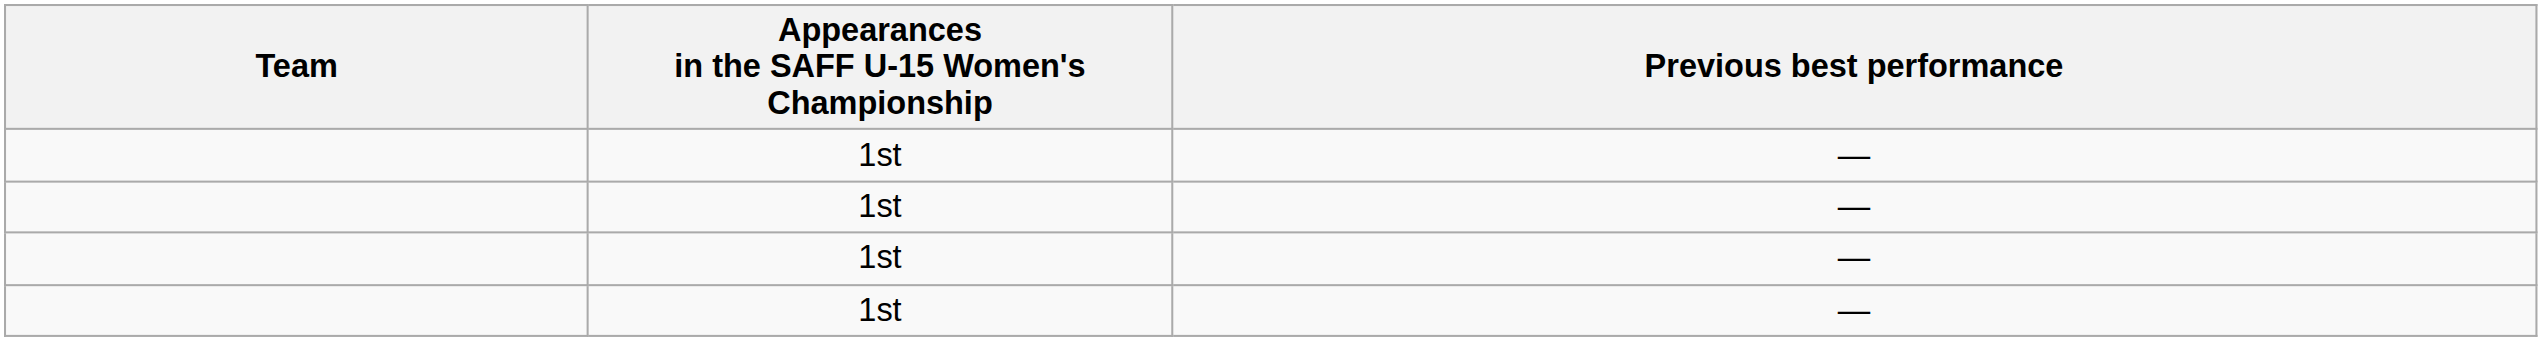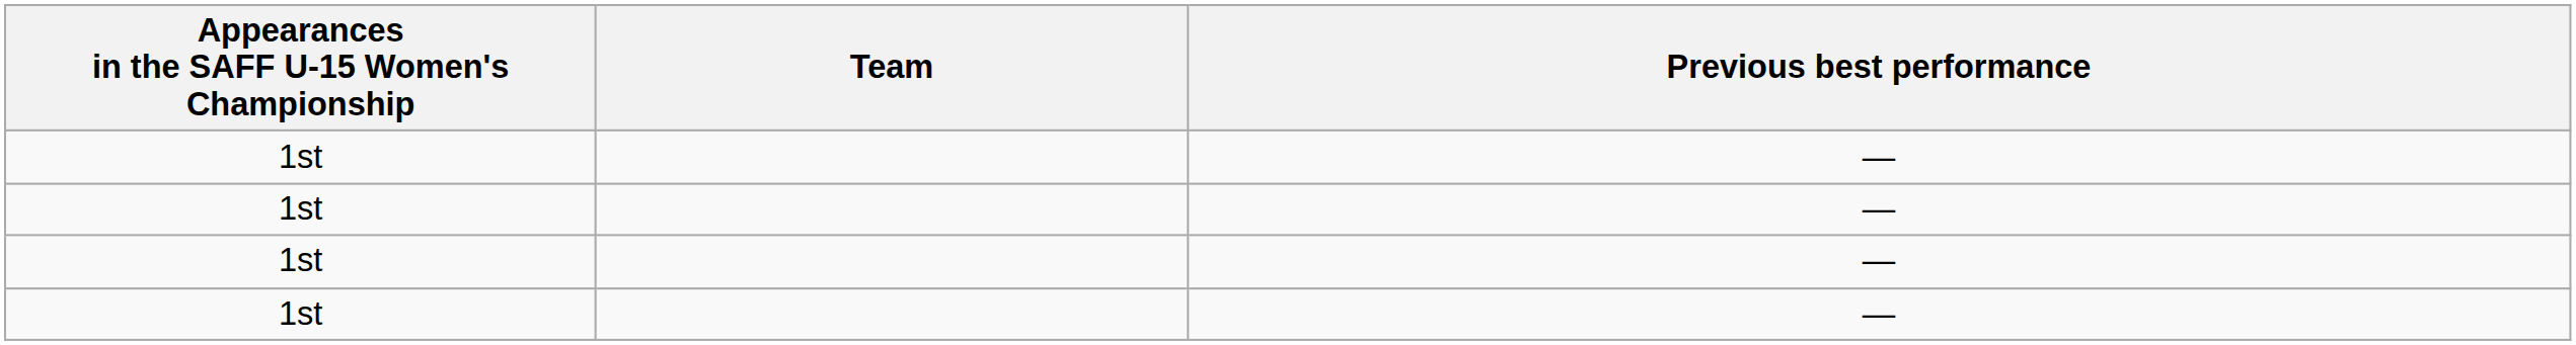 <table class="wikitable">
 <tr>
+<th style="width:16.67%;">Appearances <br> in the SAFF U-15 Women's Championship</th>
 <th style="width:16.67%;">Team</th>
-<th style="width:16.67%;">Appearances <br> in the SAFF U-15 Women's Championship</th>
 <th width=39%>Previous best performance</th>
 </tr>
 <tr>
+<td align=center>1st</td>
 <td align="left"></td>
-<td align=center>1st</td>
 <td align=center>—</td>
 </tr>
 <tr>
+<td align=center>1st</td>
 <td align="left"></td>
-<td align=center>1st</td>
 <td align=center>—</td>
 </tr>
 <tr>
+<td align=center>1st</td>
 <td align="left"></td>
-<td align=center>1st</td>
 <td align=center>—</td>
 </tr>
 <tr>
+<td align=center>1st</td>
 <td align="left"></td>
-<td align=center>1st</td>
 <td align=center>—</td>
 </tr>
 </table>
